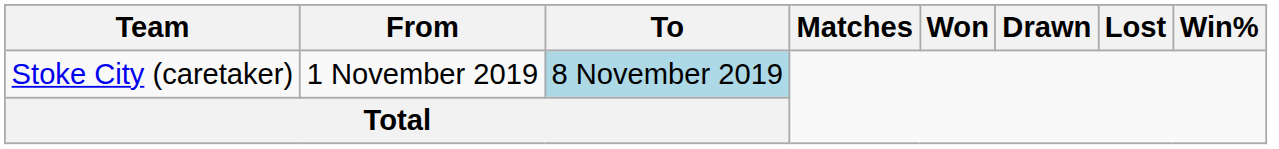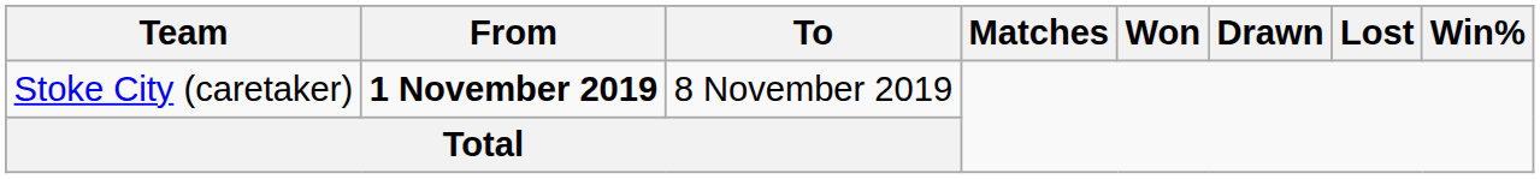 <table class=wikitable style="text-align: center">
 <tr>
 <th>Team</th>
 <th>From</th>
 <th class="unsortable">To</th>
 <th>Matches</th>
 <th>Won</th>
 <th>Drawn</th>
 <th>Lost</th>
 <th>Win%</th>
 </tr>
 <tr>
 <td align=left><a href='#'>Stoke City</a> (caretaker)</td>
-<td align=left>1 November 2019</td>
-<td align=left style="background: lightblue;">8 November 2019<br></td>
+<td align=left><strong>1 November 2019</strong></td>
+<td align=left>8 November 2019<br></td>
 </tr>
 <tr>
 <th colspan="3">Total<br></th>
 </tr>
 </table>
